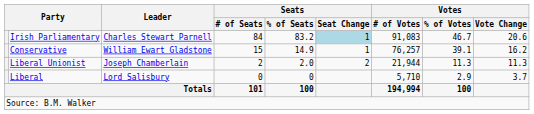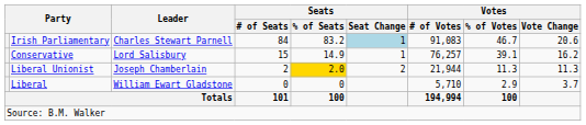 <table class="wikitable" style="font-size: 90%;">
 <tr>
 <th rowspan="2" colspan="2">Party</th>
 <th rowspan="2">Leader</th>
 <th colspan="3">Seats</th>
 <th colspan="3">Votes</th>
 </tr>
 <tr>
 <th># of Seats</th>
 <th>% of Seats</th>
 <th>Seat Change</th>
 <th># of Votes</th>
 <th>% of Votes</th>
 <th>Vote Change</th>
 </tr>
 <tr>
 <th style="background-color: "></th>
 <td><a href='#'>Irish Parliamentary</a></td>
 <td><a href='#'>Charles Stewart Parnell</a></td>
 <td align="right">84</td>
 <td align="right">83.2</td>
 <td align="right" style="background: lightblue;">1</td>
 <td align="right">91,083</td>
 <td align="right">46.7</td>
 <td align="right">20.6</td>
 </tr>
 <tr>
 <th style="background-color: "></th>
 <td><a href='#'>Conservative</a></td>
-<td><a href='#'>William Ewart Gladstone</a></td>
+<td><a href='#'>Lord Salisbury</a></td>
 <td align="right">15</td>
 <td align="right">14.9</td>
 <td align="right">1</td>
 <td align="right">76,257</td>
 <td align="right">39.1</td>
 <td align="right">16.2</td>
 </tr>
 <tr>
 <th style="background-color: "></th>
 <td><a href='#'>Liberal Unionist</a></td>
 <td><a href='#'>Joseph Chamberlain</a></td>
 <td align="right">2</td>
-<td align="right">2.0</td>
+<td align="right" style="background: gold;">2.0</td>
 <td align="right">2</td>
 <td align="right">21,944</td>
 <td align="right">11.3</td>
 <td align="right">11.3</td>
 </tr>
 <tr>
 <th style="background-color: "></th>
 <td><a href='#'>Liberal</a></td>
-<td><a href='#'>Lord Salisbury</a></td>
+<td><a href='#'>William Ewart Gladstone</a></td>
 <td align="right">0</td>
 <td align="right">0</td>
 <td align="right"></td>
 <td align="right">5,710</td>
 <td align="right">2.9</td>
 <td align="right">3.7</td>
 </tr>
 <tr style="background-color:#F6F6F6">
 <th colspan="3" style="text-align:right">Totals</th>
 <td align="right"><strong>101</strong></td>
 <td align="right"><strong>100</strong></td>
 <td align="right"></td>
 <td align="right"><strong>194,994</strong></td>
 <td align="right"><strong>100</strong></td>
 <td align="right"></td>
 </tr>
 <tr>
 <td colspan="9" align="left">Source: B.M. Walker</td>
 </tr>
 </table>
